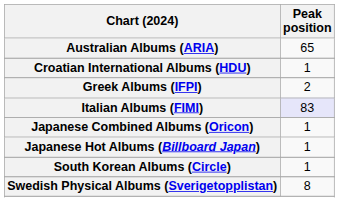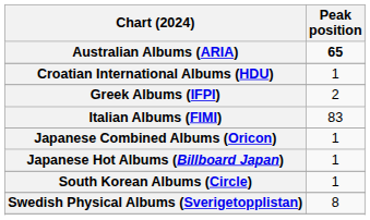 <table class="wikitable sortable plainrowheaders" style="text-align:center">
 <tr>
 <th scope="col">Chart (2024)</th>
 <th scope="col">Peak<br>position</th>
 </tr>
 <tr>
 <th scope="row">Australian Albums (<a href='#'>ARIA</a>)</th>
-<td>65</td>
+<td><strong>65</strong></td>
 </tr>
 <tr>
 </tr>
 <tr>
 </tr>
 <tr>
 </tr>
 <tr>
 <th scope="row">Croatian International Albums (<a href='#'>HDU</a>)</th>
 <td>1</td>
 </tr>
 <tr>
 </tr>
 <tr>
 </tr>
 <tr>
 </tr>
 <tr>
 <th scope="row">Greek Albums (<a href='#'>IFPI</a>)</th>
 <td>2</td>
 </tr>
 <tr>
 <th scope="row">Italian Albums (<a href='#'>FIMI</a>)</th>
-<td style="background: lavender;">83</td>
+<td>83</td>
 </tr>
 <tr>
 </tr>
 <tr>
 <th scope="row">Japanese Combined Albums (<a href='#'>Oricon</a>)</th>
 <td>1</td>
 </tr>
 <tr>
 <th scope="row">Japanese Hot Albums (<em><a href='#'>Billboard Japan</a></em>)</th>
 <td>1</td>
 </tr>
 <tr>
 </tr>
 <tr>
 </tr>
 <tr>
 <th scope="row">South Korean Albums (<a href='#'>Circle</a>)</th>
 <td>1</td>
 </tr>
 <tr>
 </tr>
 <tr>
 <th scope="row">Swedish Physical Albums (<a href='#'>Sverigetopplistan</a>)</th>
 <td>8</td>
 </tr>
 <tr>
 </tr>
 <tr>
 </tr>
 <tr>
 </tr>
 <tr>
 </tr>
 <tr>
 </tr>
 </table>
